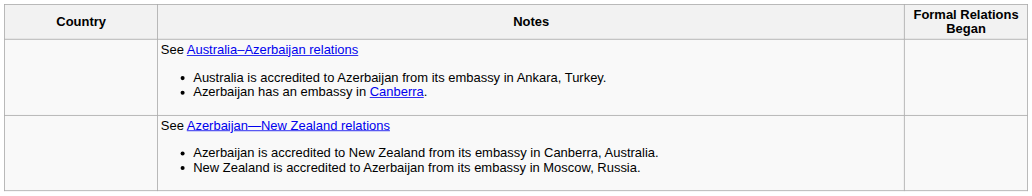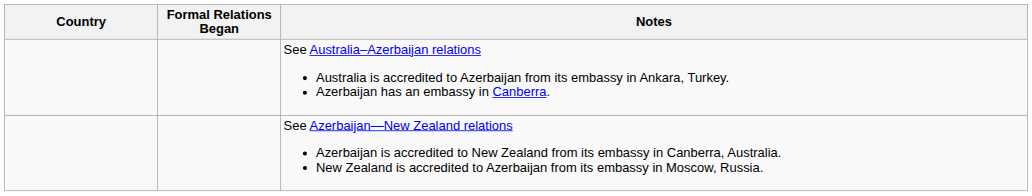 <table class="wikitable sortable" border="1" style="width:100%; margin:auto;">
 <tr>
 <th width="15%">Country</th>
+<th width="12%">Formal Relations Began</th>
 <th>Notes</th>
-<th width="12%">Formal Relations Began</th>
 </tr>
 <tr -valign="top">
 <td></td>
+<td style="text-align:center"></td>
 <td>See <a href='#'>Australia–Azerbaijan relations</a><br><ul><li>Australia is accredited to Azerbaijan from its embassy in Ankara, Turkey.</li><li>Azerbaijan has an embassy in <a href='#'>Canberra</a>.</li></ul></td>
-<td style="text-align:center"></td>
 </tr>
 <tr -valign="top">
 <td></td>
+<td style="text-align:center"></td>
 <td>See <a href='#'>Azerbaijan—New Zealand relations</a><br><ul><li>Azerbaijan is accredited to New Zealand from its embassy in Canberra, Australia.</li><li>New Zealand is accredited to Azerbaijan from its embassy in Moscow, Russia.</li></ul></td>
-<td style="text-align:center"></td>
 </tr>
 </table>
